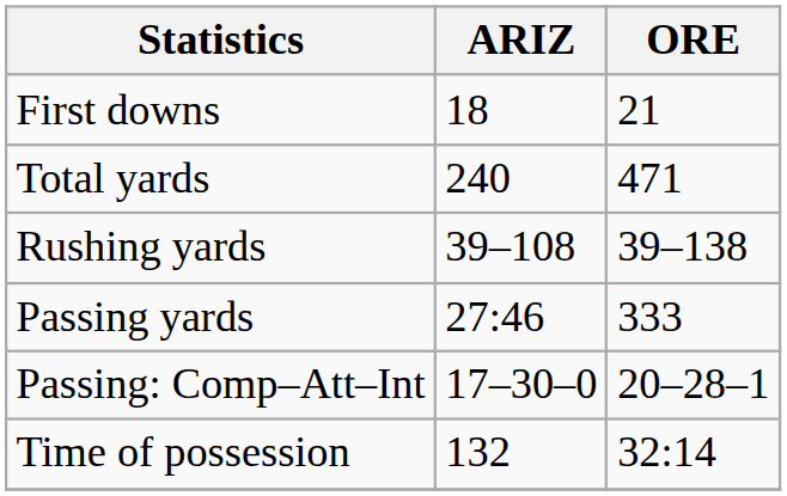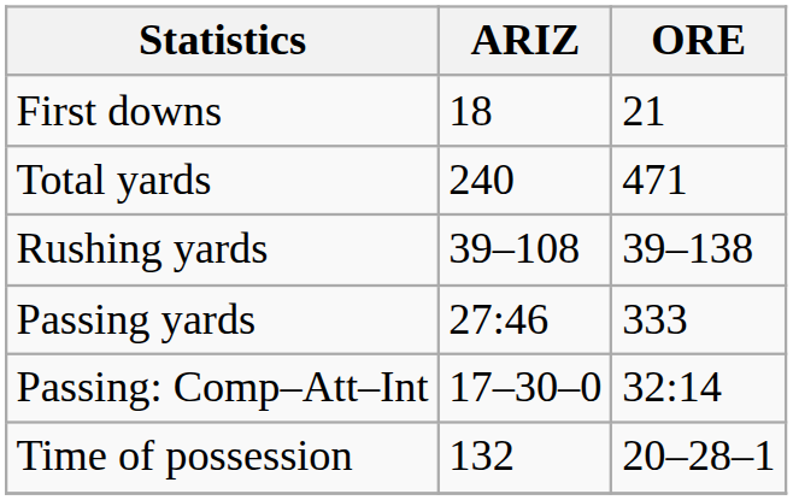 <table class="wikitable" style="float: left;">
 <tr>
 <th>Statistics</th>
 <th>ARIZ</th>
 <th>ORE</th>
 </tr>
 <tr>
 <td>First downs</td>
 <td>18</td>
 <td>21</td>
 </tr>
 <tr>
 <td>Total yards</td>
 <td>240</td>
 <td>471</td>
 </tr>
 <tr>
 <td>Rushing yards</td>
 <td>39–108</td>
 <td>39–138</td>
 </tr>
 <tr>
 <td>Passing yards</td>
 <td>27:46</td>
 <td>333</td>
 </tr>
 <tr>
 <td>Passing: Comp–Att–Int</td>
 <td>17–30–0</td>
-<td>20–28–1</td>
+<td>32:14</td>
 </tr>
 <tr>
 <td>Time of possession</td>
 <td>132</td>
-<td>32:14</td>
+<td>20–28–1</td>
 </tr>
 <tr>
 </tr>
 </table>
